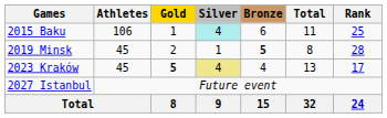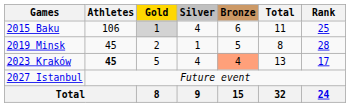 <table class="wikitable" style="text-align:center; font-size:90%;">
 <tr>
 <th>Games</th>
 <th>Athletes</th>
 <td style="background:gold; width:3.7em; font-weight:bold;">Gold</td>
 <td style="background:silver; width:3.7em; font-weight:bold;">Silver</td>
 <td style="background:#cc9966; width:3.7em; font-weight:bold;">Bronze</td>
 <th style="width:4em; font-weight:bold;">Total</th>
 <th style="width:4em; font-weight:bold;">Rank</th>
 </tr>
 <tr>
 <td align=left> <a href='#'>2015 Baku</a></td>
 <td>106</td>
-<td>1</td>
-<td style="background: paleturquoise;">4</td>
+<td style="background: lightgrey;">1</td>
+<td>4</td>
 <td>6</td>
 <td>11</td>
 <td><a href='#'>25</a></td>
 </tr>
 <tr>
 <td align=left> <a href='#'>2019 Minsk</a></td>
 <td>45</td>
 <td>2</td>
 <td>1</td>
-<td><strong>5</strong></td>
+<td>5</td>
 <td>8</td>
 <td><a href='#'>28</a></td>
 </tr>
 <tr>
 <td align=left> <a href='#'>2023 Kraków</a></td>
-<td>45</td>
-<td><strong>5</strong></td>
-<td style="background: khaki;">4</td>
+<td><strong>45</strong></td>
+<td>5</td>
 <td>4</td>
+<td style="background: lightsalmon;">4</td>
 <td>13</td>
 <td><a href='#'>17</a></td>
 </tr>
 <tr>
 <td align=left> <a href='#'>2027 Istanbul</a></td>
 <td colspan=6><em>Future event</em></td>
 </tr>
 <tr>
 <th colspan=2>Total</th>
 <th>8</th>
 <th>9</th>
 <th>15</th>
 <th>32</th>
 <th><a href='#'>24</a></th>
 </tr>
 </table>
